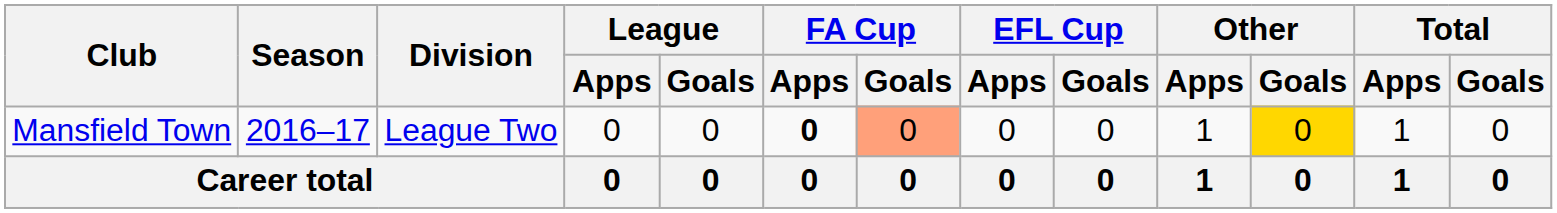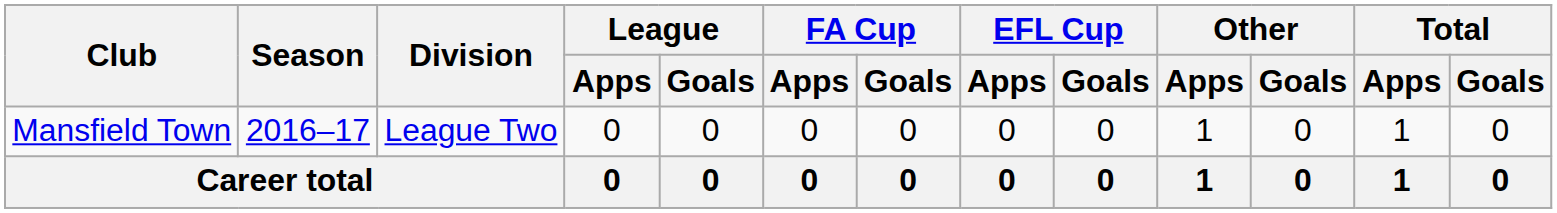 <table class="wikitable" style="text-align:center;">
 <tr>
 <th rowspan="2">Club</th>
 <th rowspan="2">Season</th>
 <th rowspan="2">Division</th>
 <th colspan="2">League</th>
 <th colspan="2"><a href='#'>FA Cup</a></th>
 <th colspan="2"><a href='#'>EFL Cup</a></th>
 <th colspan="2">Other</th>
 <th colspan="2">Total</th>
 </tr>
 <tr>
 <th>Apps</th>
 <th>Goals</th>
 <th>Apps</th>
 <th>Goals</th>
 <th>Apps</th>
 <th>Goals</th>
 <th>Apps</th>
 <th>Goals</th>
 <th>Apps</th>
 <th>Goals</th>
 </tr>
 <tr>
 <td><a href='#'>Mansfield Town</a></td>
 <td><a href='#'>2016–17</a></td>
 <td><a href='#'>League Two</a></td>
 <td>0</td>
 <td>0</td>
-<td><strong>0</strong></td>
-<td style="background: lightsalmon;">0</td>
+<td>0</td>
+<td>0</td>
 <td>0</td>
 <td>0</td>
 <td>1</td>
-<td style="background: gold;">0</td>
+<td>0</td>
 <td>1</td>
 <td>0</td>
 </tr>
 <tr>
 <th colspan="3">Career total</th>
 <th>0</th>
 <th>0</th>
 <th>0</th>
 <th>0</th>
 <th>0</th>
 <th>0</th>
 <th>1</th>
 <th>0</th>
 <th>1</th>
 <th>0</th>
 </tr>
 </table>
